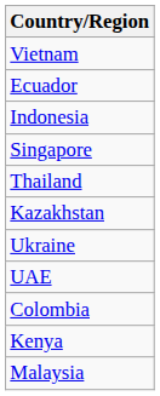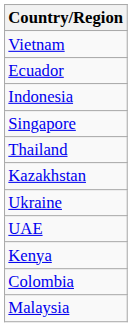 <table class="wikitable">
 <tr>
 <th>Country/Region</th>
 </tr>
 <tr>
 <td><a href='#'>Vietnam</a></td>
 </tr>
 <tr>
 <td><a href='#'>Ecuador</a></td>
 </tr>
 <tr>
 <td><a href='#'>Indonesia</a></td>
 </tr>
 <tr>
 <td><a href='#'>Singapore</a></td>
 </tr>
 <tr>
 <td><a href='#'>Thailand</a></td>
 </tr>
 <tr>
 <td><a href='#'>Kazakhstan</a></td>
 </tr>
 <tr>
 <td><a href='#'>Ukraine</a></td>
 </tr>
 <tr>
 <td><a href='#'>UAE</a></td>
 </tr>
 <tr>
-<td><a href='#'>Colombia</a></td>
+<td><a href='#'>Kenya</a></td>
 </tr>
 <tr>
-<td><a href='#'>Kenya</a></td>
+<td><a href='#'>Colombia</a></td>
 </tr>
 <tr>
 <td><a href='#'>Malaysia</a></td>
 </tr>
 </table>
